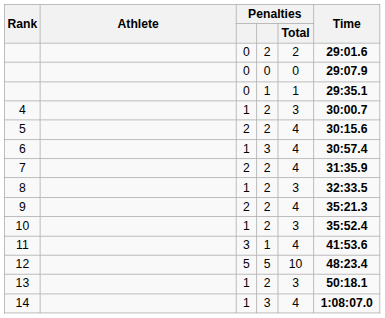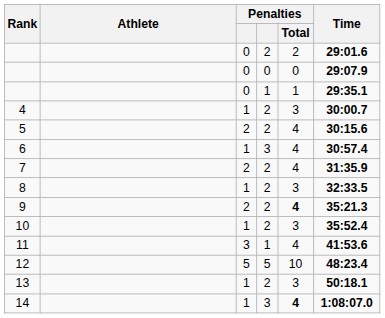 <table class=wikitable style="text-align:center">
 <tr>
 <th rowspan=2 width=40>Rank</th>
 <th rowspan=2 width=250>Athlete</th>
 <th colspan=3>Penalties</th>
 <th rowspan=2 width=80>Time</th>
 </tr>
 <tr>
 <th width=20></th>
 <th width=20></th>
 <th width=40>Total</th>
 </tr>
 <tr>
 <td></td>
 <td align=left></td>
 <td>0</td>
 <td>2</td>
 <td>2</td>
 <td><strong>29:01.6</strong></td>
 </tr>
 <tr>
 <td></td>
 <td align=left></td>
 <td>0</td>
 <td>0</td>
 <td>0</td>
 <td><strong>29:07.9</strong></td>
 </tr>
 <tr>
 <td></td>
 <td align=left></td>
 <td>0</td>
 <td>1</td>
 <td>1</td>
 <td><strong>29:35.1</strong></td>
 </tr>
 <tr>
 <td>4</td>
 <td align=left></td>
 <td>1</td>
 <td>2</td>
 <td>3</td>
 <td><strong>30:00.7</strong></td>
 </tr>
 <tr>
 <td>5</td>
 <td align=left></td>
 <td>2</td>
 <td>2</td>
 <td>4</td>
 <td><strong>30:15.6</strong></td>
 </tr>
 <tr>
 <td>6</td>
 <td align=left></td>
 <td>1</td>
 <td>3</td>
 <td>4</td>
 <td><strong>30:57.4</strong></td>
 </tr>
 <tr>
 <td>7</td>
 <td align=left></td>
 <td>2</td>
 <td>2</td>
 <td>4</td>
 <td><strong>31:35.9</strong></td>
 </tr>
 <tr>
 <td>8</td>
 <td align=left></td>
 <td>1</td>
 <td>2</td>
 <td>3</td>
 <td><strong>32:33.5</strong></td>
 </tr>
 <tr>
 <td>9</td>
 <td align=left></td>
 <td>2</td>
 <td>2</td>
-<td>4</td>
+<td><strong>4</strong></td>
 <td><strong>35:21.3</strong></td>
 </tr>
 <tr>
 <td>10</td>
 <td align=left></td>
 <td>1</td>
 <td>2</td>
 <td>3</td>
 <td><strong>35:52.4</strong></td>
 </tr>
 <tr>
 <td>11</td>
 <td align=left></td>
 <td>3</td>
 <td>1</td>
 <td>4</td>
 <td><strong>41:53.6</strong></td>
 </tr>
 <tr>
 <td>12</td>
 <td align=left></td>
 <td>5</td>
 <td>5</td>
 <td>10</td>
 <td><strong>48:23.4</strong></td>
 </tr>
 <tr>
 <td>13</td>
 <td align=left></td>
 <td>1</td>
 <td>2</td>
 <td>3</td>
 <td><strong>50:18.1</strong></td>
 </tr>
 <tr>
 <td>14</td>
 <td align=left></td>
 <td>1</td>
 <td>3</td>
-<td>4</td>
+<td><strong>4</strong></td>
 <td><strong>1:08:07.0</strong></td>
 </tr>
 </table>
